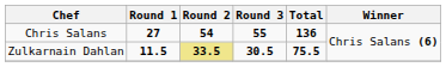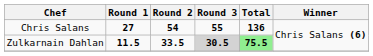 <table class="wikitable"  style="float:left; margin:auto; text-align:center;">
 <tr>
 <th>Chef</th>
 <th>Round 1</th>
 <th>Round 2</th>
 <th>Round 3</th>
 <th>Total</th>
 <th>Winner</th>
 </tr>
 <tr>
 <td>Chris Salans</td>
 <td><strong>27</strong></td>
 <td><strong>54</strong></td>
 <td><strong>55</strong></td>
 <td><strong>136</strong></td>
 <td rowspan=2>Chris Salans <strong>(6)</strong></td>
 </tr>
 <tr>
 <td>Zulkarnain Dahlan</td>
 <td><strong>11.5</strong></td>
-<td style="background: khaki;"><strong>33.5</strong></td>
-<td><strong>30.5</strong></td>
-<td><strong>75.5</strong></td>
+<td><strong>33.5</strong></td>
+<td style="background: lightgrey;"><strong>30.5</strong></td>
+<td style="background: lightgreen;"><strong>75.5</strong></td>
 </tr>
 <tr>
 </tr>
 </table>
